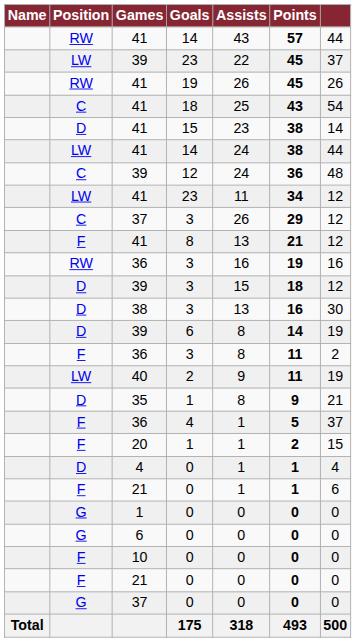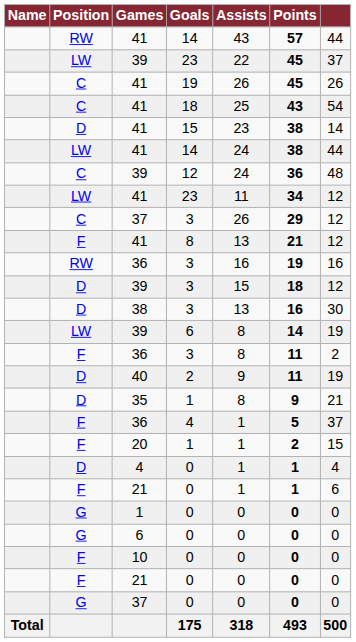 <table class="wikitable sortable">
 <tr align="center">
 <th style="color:white; background:#862633; ">Name</th>
 <th style="color:white; background:#862633; ">Position</th>
 <th style="color:white; background:#862633; ">Games</th>
 <th style="color:white; background:#862633; ">Goals</th>
 <th style="color:white; background:#862633; ">Assists</th>
 <th style="color:white; background:#862633; ">Points</th>
 <th style="color:white; background:#862633; "><a href='#'></a></th>
 </tr>
 <tr align="center" bgcolor="">
 <td></td>
 <td><a href='#'>RW</a></td>
 <td>41</td>
 <td>14</td>
 <td>43</td>
 <td><strong>57</strong></td>
 <td>44</td>
 </tr>
 <tr align="center" bgcolor="f0f0f0">
 <td></td>
 <td><a href='#'>LW</a></td>
 <td>39</td>
 <td>23</td>
 <td>22</td>
 <td><strong>45</strong></td>
 <td>37</td>
 </tr>
 <tr align="center" bgcolor="">
 <td></td>
-<td><a href='#'>RW</a></td>
+<td><a href='#'>C</a></td>
 <td>41</td>
 <td>19</td>
 <td>26</td>
 <td><strong>45</strong></td>
 <td>26</td>
 </tr>
 <tr align="center" bgcolor="f0f0f0">
 <td></td>
 <td><a href='#'>C</a></td>
 <td>41</td>
 <td>18</td>
 <td>25</td>
 <td><strong>43</strong></td>
 <td>54</td>
 </tr>
 <tr align="center" bgcolor="">
 <td></td>
 <td><a href='#'>D</a></td>
 <td>41</td>
 <td>15</td>
 <td>23</td>
 <td><strong>38</strong></td>
 <td>14</td>
 </tr>
 <tr align="center" bgcolor="f0f0f0">
 <td></td>
 <td><a href='#'>LW</a></td>
 <td>41</td>
 <td>14</td>
 <td>24</td>
 <td><strong>38</strong></td>
 <td>44</td>
 </tr>
 <tr align="center" bgcolor="">
 <td></td>
 <td><a href='#'>C</a></td>
 <td>39</td>
 <td>12</td>
 <td>24</td>
 <td><strong>36</strong></td>
 <td>48</td>
 </tr>
 <tr align="center" bgcolor="f0f0f0">
 <td></td>
 <td><a href='#'>LW</a></td>
 <td>41</td>
 <td>23</td>
 <td>11</td>
 <td><strong>34</strong></td>
 <td>12</td>
 </tr>
 <tr align="center" bgcolor="">
 <td></td>
 <td><a href='#'>C</a></td>
 <td>37</td>
 <td>3</td>
 <td>26</td>
 <td><strong>29</strong></td>
 <td>12</td>
 </tr>
 <tr align="center" bgcolor="f0f0f0">
 <td></td>
 <td><a href='#'>F</a></td>
 <td>41</td>
 <td>8</td>
 <td>13</td>
 <td><strong>21</strong></td>
 <td>12</td>
 </tr>
 <tr align="center" bgcolor="">
 <td></td>
 <td><a href='#'>RW</a></td>
 <td>36</td>
 <td>3</td>
 <td>16</td>
 <td><strong>19</strong></td>
 <td>16</td>
 </tr>
 <tr align="center" bgcolor="f0f0f0">
 <td></td>
 <td><a href='#'>D</a></td>
 <td>39</td>
 <td>3</td>
 <td>15</td>
 <td><strong>18</strong></td>
 <td>12</td>
 </tr>
 <tr align="center" bgcolor="">
 <td></td>
 <td><a href='#'>D</a></td>
 <td>38</td>
 <td>3</td>
 <td>13</td>
 <td><strong>16</strong></td>
 <td>30</td>
 </tr>
 <tr align="center" bgcolor="f0f0f0">
 <td></td>
-<td><a href='#'>D</a></td>
+<td><a href='#'>LW</a></td>
 <td>39</td>
 <td>6</td>
 <td>8</td>
 <td><strong>14</strong></td>
 <td>19</td>
 </tr>
 <tr align="center" bgcolor="">
 <td></td>
 <td><a href='#'>F</a></td>
 <td>36</td>
 <td>3</td>
 <td>8</td>
 <td><strong>11</strong></td>
 <td>2</td>
 </tr>
 <tr align="center" bgcolor="f0f0f0">
 <td></td>
-<td><a href='#'>LW</a></td>
+<td><a href='#'>D</a></td>
 <td>40</td>
 <td>2</td>
 <td>9</td>
 <td><strong>11</strong></td>
 <td>19</td>
 </tr>
 <tr align="center" bgcolor="">
 <td></td>
 <td><a href='#'>D</a></td>
 <td>35</td>
 <td>1</td>
 <td>8</td>
 <td><strong>9</strong></td>
 <td>21</td>
 </tr>
 <tr align="center" bgcolor="f0f0f0">
 <td></td>
 <td><a href='#'>F</a></td>
 <td>36</td>
 <td>4</td>
 <td>1</td>
 <td><strong>5</strong></td>
 <td>37</td>
 </tr>
 <tr align="center" bgcolor="">
 <td></td>
 <td><a href='#'>F</a></td>
 <td>20</td>
 <td>1</td>
 <td>1</td>
 <td><strong>2</strong></td>
 <td>15</td>
 </tr>
 <tr align="center" bgcolor="f0f0f0">
 <td></td>
 <td><a href='#'>D</a></td>
 <td>4</td>
 <td>0</td>
 <td>1</td>
 <td><strong>1</strong></td>
 <td>4</td>
 </tr>
 <tr align="center" bgcolor="">
 <td></td>
 <td><a href='#'>F</a></td>
 <td>21</td>
 <td>0</td>
 <td>1</td>
 <td><strong>1</strong></td>
 <td>6</td>
 </tr>
 <tr align="center" bgcolor="f0f0f0">
 <td></td>
 <td><a href='#'>G</a></td>
 <td>1</td>
 <td>0</td>
 <td>0</td>
 <td><strong>0</strong></td>
 <td>0</td>
 </tr>
 <tr align="center" bgcolor="">
 <td></td>
 <td><a href='#'>G</a></td>
 <td>6</td>
 <td>0</td>
 <td>0</td>
 <td><strong>0</strong></td>
 <td>0</td>
 </tr>
 <tr align="center" bgcolor="f0f0f0">
 <td></td>
 <td><a href='#'>F</a></td>
 <td>10</td>
 <td>0</td>
 <td>0</td>
 <td><strong>0</strong></td>
 <td>0</td>
 </tr>
 <tr align="center" bgcolor="">
 <td></td>
 <td><a href='#'>F</a></td>
 <td>21</td>
 <td>0</td>
 <td>0</td>
 <td><strong>0</strong></td>
 <td>0</td>
 </tr>
 <tr align="center" bgcolor="f0f0f0">
 <td></td>
 <td><a href='#'>G</a></td>
 <td>37</td>
 <td>0</td>
 <td>0</td>
 <td><strong>0</strong></td>
 <td>0</td>
 </tr>
 <tr>
 <th>Total</th>
 <th></th>
 <th></th>
 <th>175</th>
 <th>318</th>
 <th>493</th>
 <th>500</th>
 </tr>
 </table>
